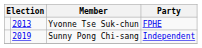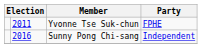 <table class="wikitable">
 <tr>
 <th colspan="2">Election</th>
 <th>Member</th>
 <th>Party</th>
 </tr>
 <tr>
 <td style="background-color:"></td>
-<td><a href='#'>2013</a></td>
+<td><a href='#'>2011</a></td>
 <td>Yvonne Tse Suk-chun</td>
 <td><a href='#'>FPHE</a></td>
 </tr>
 <tr>
 <td style="background-color:"></td>
-<td><a href='#'>2019</a></td>
+<td><a href='#'>2016</a></td>
 <td>Sunny Pong Chi-sang</td>
 <td><a href='#'>Independent</a></td>
 </tr>
 <tr>
 </tr>
 </table>
